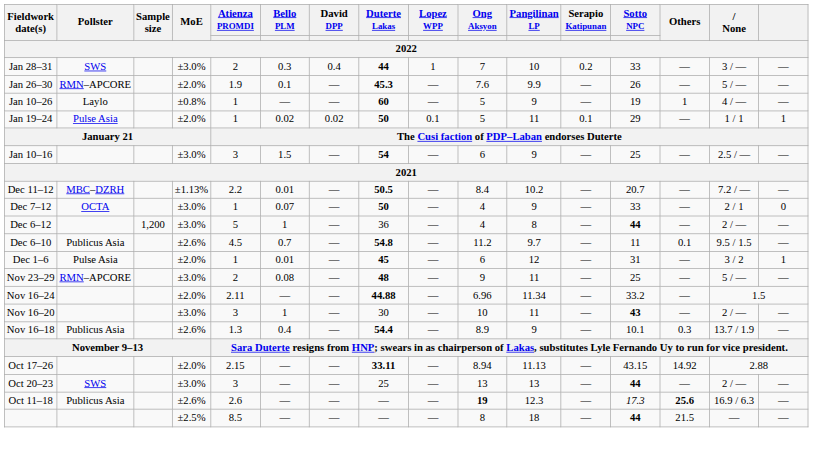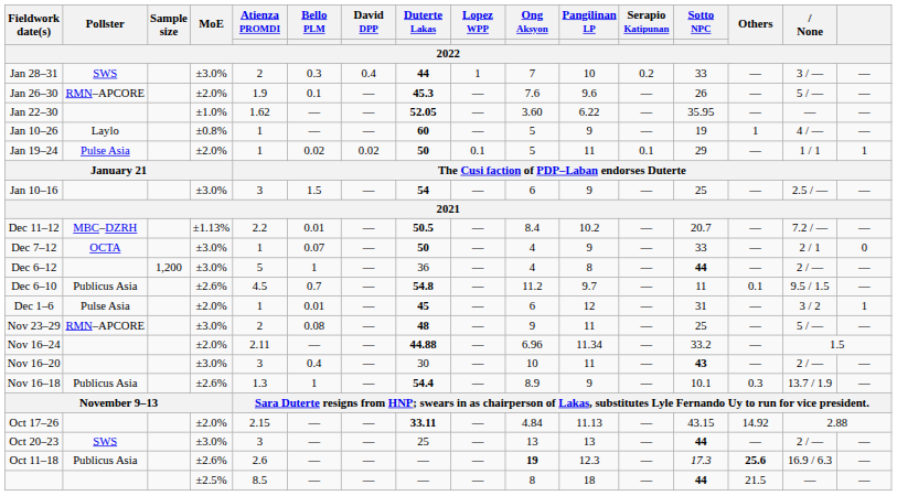 <table class="wikitable sortable" style="text-align:center;font-size:90%;line-height:17px">
 <tr>
 <th rowspan="2">Fieldwork<br>date(s)</th>
 <th rowspan="2">Pollster</th>
 <th rowspan="2">Sample<br>size</th>
 <th rowspan="2"><abbr>MoE</abbr></th>
 <th class="unsortable" style="width:60px;:"><a href='#'>Atienza</a><br><small><a href='#'>PROMDI</a></small></th>
 <th class="unsortable" style="width:60px;"><a href='#'>Bello</a><br><small><a href='#'>PLM</a></small></th>
 <th class="unsortable" style="width:60px;">David<br><small><a href='#'>DPP</a></small></th>
 <th class="unsortable" style="width:60px;"><a href='#'>Duterte</a><br><small><a href='#'>Lakas</a></small></th>
 <th class="unsortable" style="width:60px;"><a href='#'>Lopez</a><br><small><a href='#'>WPP</a></small></th>
 <th class="unsortable" style="width:60px;"><a href='#'>Ong</a><br><small><a href='#'>Aksyon</a></small></th>
 <th class="unsortable" style="width:60px;"><a href='#'>Pangilinan</a><br><small><a href='#'>LP</a></small></th>
 <th class="unsortable" style="width:60px;">Serapio<br><small><a href='#'>Katipunan</a></small></th>
 <th class="unsortable" style="width:60px;"><a href='#'>Sotto</a><br><small><a href='#'>NPC</a></small></th>
 <th rowspan="2" class="unsortable" style="width:60px;">Others</th>
 <th rowspan="2" class="unsortable" style="width:60px;">/<br>None</th>
 <th rowspan="2" class="unsortable" style="width:60px;"></th>
 </tr>
 <tr>
 <th></th>
 <th></th>
 <th></th>
 <th></th>
 <th></th>
 <th></th>
 <th></th>
 <th></th>
 <th></th>
 </tr>
 <tr>
 <th colspan="16">2022</th>
 </tr>
 <tr>
 <td>Jan 28–31</td>
 <td><a href='#'>SWS</a></td>
 <td></td>
 <td>±3.0%</td>
 <td>2</td>
 <td>0.3</td>
 <td>0.4</td>
 <td style="background:#"><strong>44</strong></td>
 <td>1</td>
 <td>7</td>
 <td>10</td>
 <td>0.2</td>
 <td>33</td>
 <td>—</td>
 <td>3 / —</td>
 <td>—</td>
 </tr>
 <tr>
 <td data-sort-value="2022-02-13">Jan 26–30</td>
 <td><a href='#'>RMN</a>–APCORE</td>
 <td></td>
 <td>±2.0%</td>
 <td>1.9</td>
 <td>0.1</td>
 <td>—</td>
 <td style="background:#"><strong>45.3</strong></td>
 <td>—</td>
 <td>7.6</td>
-<td>9.9</td>
+<td>9.6</td>
 <td>—</td>
 <td>26</td>
 <td>—</td>
 <td>5 / —</td>
+<td>—</td>
+</tr>
+<tr>
+<td>Jan 22–30</td>
+<td></td>
+<td></td>
+<td>±1.0%</td>
+<td>1.62</td>
+<td>—</td>
+<td>—</td>
+<td style="background:#"><strong>52.05</strong></td>
+<td>—</td>
+<td>3.60</td>
+<td>6.22</td>
+<td>—</td>
+<td>35.95</td>
+<td>—</td>
+<td>—</td>
 <td>—</td>
 </tr>
 <tr>
 <td data-sort-value="2022-02-13">Jan 10–26</td>
 <td>Laylo</td>
 <td></td>
 <td>±0.8%</td>
 <td>1</td>
 <td>—</td>
 <td>—</td>
 <td style="background:#"><strong>60</strong></td>
 <td>—</td>
 <td>5</td>
 <td>9</td>
 <td>—</td>
 <td>19</td>
 <td>1</td>
 <td>4 / —</td>
 <td>—</td>
 </tr>
 <tr>
 <td>Jan 19–24</td>
 <td><a href='#'>Pulse Asia</a></td>
 <td></td>
 <td>±2.0%</td>
 <td>1</td>
 <td>0.02</td>
 <td>0.02</td>
 <td style="background:#"><strong>50</strong></td>
 <td>0.1</td>
 <td>5</td>
 <td>11</td>
 <td>0.1</td>
 <td>29</td>
 <td>—</td>
 <td>1 / 1</td>
 <td>1</td>
 </tr>
 <tr>
 <th colspan="4">January 21</th>
 <th colspan="12">The <a href='#'>Cusi faction</a> of <a href='#'>PDP–Laban</a> endorses Duterte</th>
 </tr>
 <tr>
 <td data-sort-value="2022-01-30">Jan 10–16</td>
 <td></td>
 <td></td>
 <td>±3.0%</td>
 <td>3</td>
 <td>1.5</td>
 <td>—</td>
 <td style="background:#"><strong>54</strong></td>
 <td>—</td>
 <td>6</td>
 <td>9</td>
 <td>—</td>
 <td>25</td>
 <td>—</td>
 <td>2.5 / —</td>
 <td>—</td>
 </tr>
 <tr>
 <th colspan="16">2021</th>
 </tr>
 <tr>
 <td data-sort-value="2021-12-16">Dec 11–12</td>
 <td><a href='#'>MBC</a>–<a href='#'>DZRH</a></td>
 <td></td>
 <td>±1.13%</td>
 <td>2.2</td>
 <td>0.01</td>
 <td>—</td>
 <td style="background:#"><strong>50.5</strong></td>
 <td>—</td>
 <td>8.4</td>
 <td>10.2</td>
 <td>—</td>
 <td>20.7</td>
 <td>—</td>
 <td>7.2 / —</td>
 <td>—</td>
 </tr>
 <tr>
 <td data-sort-value="2021-12-26">Dec 7–12</td>
 <td><a href='#'>OCTA</a></td>
 <td></td>
 <td>±3.0%</td>
 <td>1</td>
 <td>0.07</td>
 <td>—</td>
 <td style="background:#"><strong>50</strong></td>
 <td>—</td>
 <td>4</td>
 <td>9</td>
 <td>—</td>
 <td>33</td>
 <td>—</td>
 <td>2 / 1</td>
 <td>0</td>
 </tr>
 <tr>
 <td data-sort-value="2021-12-17">Dec 6–12</td>
 <td></td>
 <td>1,200</td>
 <td>±3.0%</td>
 <td>5</td>
 <td>1</td>
 <td>—</td>
 <td>36</td>
 <td>—</td>
 <td>4</td>
 <td>8</td>
 <td>—</td>
 <td style="background:#"><strong>44</strong></td>
 <td>—</td>
 <td>2 / —</td>
 <td>—</td>
 </tr>
 <tr>
 <td data-sort-value="2021-12-13">Dec 6–10</td>
 <td>Publicus Asia</td>
 <td></td>
 <td>±2.6%</td>
 <td>4.5</td>
 <td>0.7</td>
 <td>—</td>
 <td style="background:#"><strong>54.8</strong></td>
 <td>—</td>
 <td>11.2</td>
 <td>9.7</td>
 <td>—</td>
 <td>11</td>
 <td>0.1</td>
 <td>9.5 / 1.5</td>
 <td>—</td>
 </tr>
 <tr>
 <td data-sort-value="2021-12-22">Dec 1–6</td>
 <td>Pulse Asia</td>
 <td></td>
 <td>±2.0%</td>
 <td>1</td>
 <td>0.01</td>
 <td>—</td>
 <td style="background:#"><strong>45</strong></td>
 <td>—</td>
 <td>6</td>
 <td>12</td>
 <td>—</td>
 <td>31</td>
 <td>—</td>
 <td>3 / 2</td>
 <td>1</td>
 </tr>
 <tr>
 <td data-sort-value="2021-12-17">Nov 23–29</td>
 <td><a href='#'>RMN</a>–APCORE</td>
 <td></td>
 <td>±3.0%</td>
 <td>2</td>
 <td>0.08</td>
 <td>—</td>
 <td style="background:#"><strong>48</strong></td>
 <td>—</td>
 <td>9</td>
 <td>11</td>
 <td>—</td>
 <td>25</td>
 <td>—</td>
 <td>5 / —</td>
 <td>—</td>
 </tr>
 <tr>
 <td data-sort-value="2021-11-24">Nov 16–24</td>
 <td></td>
 <td></td>
 <td>±2.0%</td>
 <td>2.11</td>
 <td>—</td>
 <td>—</td>
 <td style="background:#"><strong>44.88</strong></td>
 <td>—</td>
 <td>6.96</td>
 <td>11.34</td>
 <td>—</td>
 <td>33.2</td>
 <td>—</td>
 <td colspan="2">1.5</td>
 </tr>
 <tr>
 <td data-sort-value="2021-11-20">Nov 16–20</td>
 <td></td>
 <td></td>
 <td>±3.0%</td>
 <td>3</td>
-<td>1</td>
+<td>0.4</td>
 <td>—</td>
 <td>30</td>
 <td>—</td>
 <td>10</td>
 <td>11</td>
 <td>—</td>
 <td style="background:#"><strong>43</strong></td>
 <td>—</td>
 <td>2 / —</td>
 <td>—</td>
 </tr>
 <tr>
 <td data-sort-value="2021-11-18">Nov 16–18</td>
 <td>Publicus Asia</td>
 <td></td>
 <td>±2.6%</td>
 <td>1.3</td>
-<td>0.4</td>
+<td>1</td>
 <td>—</td>
 <td style="background:#"><strong>54.4</strong></td>
 <td>—</td>
 <td>8.9</td>
 <td>9</td>
 <td>—</td>
 <td>10.1</td>
 <td>0.3</td>
 <td>13.7 / 1.9</td>
 <td>—</td>
 </tr>
 <tr>
 <th colspan="4">November 9–13</th>
 <th colspan="12"><a href='#'>Sara Duterte</a> resigns from <a href='#'>HNP</a>; swears in as chairperson of <a href='#'>Lakas</a>, substitutes Lyle Fernando Uy to run for vice president.</th>
 </tr>
 <tr>
 <td data-sort-value="2021-10-26">Oct 17–26</td>
 <td></td>
 <td></td>
 <td>±2.0%</td>
 <td>2.15</td>
 <td>—</td>
 <td>—</td>
 <td style="background:#"><strong>33.11</strong></td>
 <td>—</td>
-<td>8.94</td>
+<td>4.84</td>
 <td>11.13</td>
 <td>—</td>
 <td>43.15</td>
 <td>14.92</td>
 <td colspan="2">2.88</td>
 </tr>
 <tr>
 <td data-sort-value="2021-10-23">Oct 20–23</td>
 <td><a href='#'>SWS</a></td>
 <td></td>
 <td>±3.0%</td>
 <td>3</td>
 <td>—</td>
 <td>—</td>
 <td>25</td>
 <td>—</td>
 <td>13</td>
 <td>13</td>
 <td>—</td>
 <td style="background:#"><strong>44</strong></td>
 <td>—</td>
 <td>2 / —</td>
 <td>—</td>
 </tr>
 <tr>
 <td data-sort-value="2021-10-18">Oct 11–18</td>
 <td>Publicus Asia</td>
 <td></td>
 <td>±2.6%</td>
 <td>2.6</td>
 <td>—</td>
 <td>—</td>
 <td>—</td>
 <td>—</td>
 <td style="background:#"><strong>19</strong></td>
 <td>12.3</td>
 <td>—</td>
 <td style="background:#"><em>17.3</em></td>
 <td style="background:#"><strong>25.6</strong></td>
 <td>16.9 / 6.3</td>
 <td>—</td>
 </tr>
 <tr>
 <td data-sort-value="2021-10-08"></td>
 <td></td>
 <td></td>
 <td>±2.5%</td>
 <td>8.5</td>
 <td>—</td>
 <td>—</td>
 <td>—</td>
 <td>—</td>
 <td>8</td>
 <td>18</td>
 <td>—</td>
 <td style="background:#"><strong>44</strong></td>
 <td>21.5</td>
 <td>—</td>
 <td>—</td>
 </tr>
 </table>
